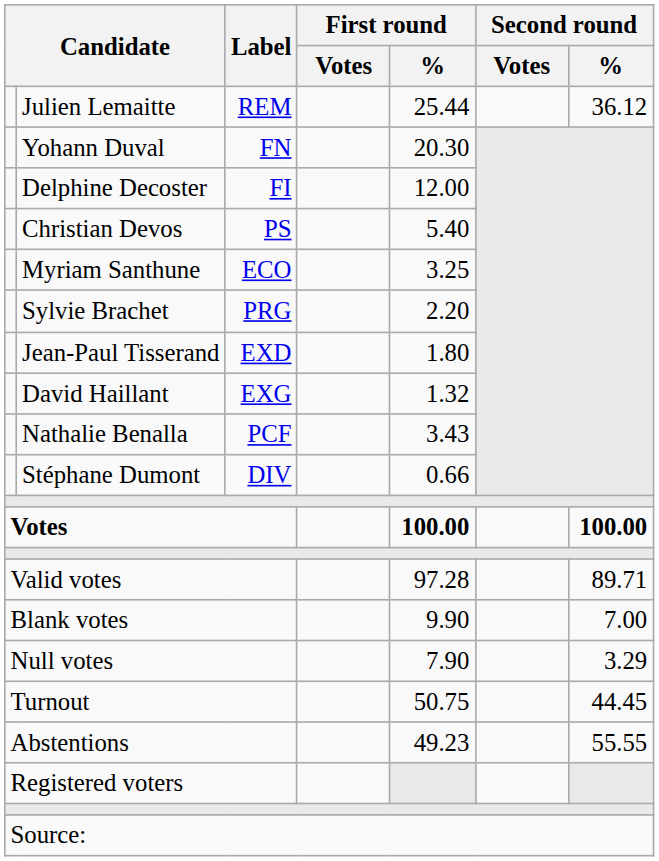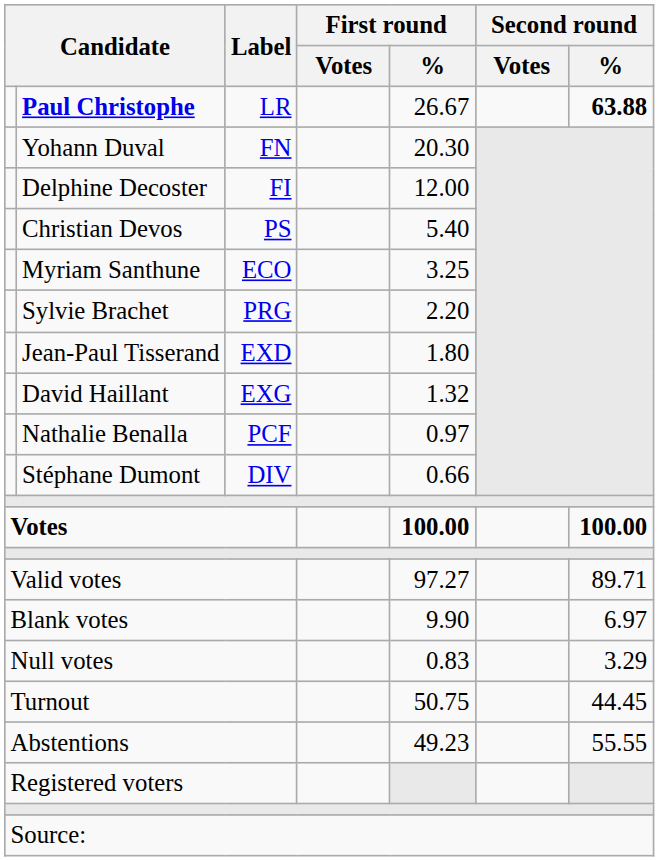 <table class="wikitable" style="text-align:right;font-size:95%;">
 <tr>
 <th rowspan="2" colspan="2">Candidate</th>
 <th rowspan="2">Label</th>
 <th colspan="2">First round</th>
 <th colspan="2">Second round</th>
 </tr>
 <tr>
 <th style="width:50px;">Votes</th>
 <th style="width:45px;">%</th>
 <th style="width:50px;">Votes</th>
 <th style="width:45px;">%</th>
 </tr>
 <tr>
 <td style="color:inherit;background:"></td>
-<td style="text-align:left;">Julien Lemaitte</td>
-<td><a href='#'>REM</a></td>
+<td style="text-align:left;"><strong><a href='#'>Paul Christophe</a></strong></td>
+<td><a href='#'>LR</a></td>
 <td></td>
-<td>25.44</td>
-<td></td>
-<td>36.12</td>
+<td>26.67</td>
+<td><strong></strong></td>
+<td><strong>63.88</strong></td>
 </tr>
 <tr>
 <td style="color:inherit;background:"></td>
 <td style="text-align:left;">Yohann Duval</td>
 <td><a href='#'>FN</a></td>
 <td></td>
 <td>20.30</td>
 <td colspan="2" rowspan="9" style="background:#E9E9E9;"></td>
 </tr>
 <tr>
 <td style="color:inherit;background:"></td>
 <td style="text-align:left;">Delphine Decoster</td>
 <td><a href='#'>FI</a></td>
 <td></td>
 <td>12.00</td>
 </tr>
 <tr>
 <td style="color:inherit;background:"></td>
 <td style="text-align:left;">Christian Devos</td>
 <td><a href='#'>PS</a></td>
 <td></td>
 <td>5.40</td>
 </tr>
 <tr>
 <td style="color:inherit;background:"></td>
 <td style="text-align:left;">Myriam Santhune</td>
 <td><a href='#'>ECO</a></td>
 <td></td>
 <td>3.25</td>
 </tr>
 <tr>
 <td style="color:inherit;background:"></td>
 <td style="text-align:left;">Sylvie Brachet</td>
 <td><a href='#'>PRG</a></td>
 <td></td>
 <td>2.20</td>
 </tr>
 <tr>
 <td style="color:inherit;background:"></td>
 <td style="text-align:left;">Jean-Paul Tisserand</td>
 <td><a href='#'>EXD</a></td>
 <td></td>
 <td>1.80</td>
 </tr>
 <tr>
 <td style="color:inherit;background:"></td>
 <td style="text-align:left;">David Haillant</td>
 <td><a href='#'>EXG</a></td>
 <td></td>
 <td>1.32</td>
 </tr>
 <tr>
 <td style="color:inherit;background:"></td>
 <td style="text-align:left;">Nathalie Benalla</td>
 <td><a href='#'>PCF</a></td>
 <td></td>
-<td>3.43</td>
+<td>0.97</td>
 </tr>
 <tr>
 <td style="color:inherit;background:"></td>
 <td style="text-align:left;">Stéphane Dumont</td>
 <td><a href='#'>DIV</a></td>
 <td></td>
 <td>0.66</td>
 </tr>
 <tr>
 <td colspan="7" style="background:#E9E9E9;"></td>
 </tr>
 <tr style="font-weight:bold;">
 <td colspan="3" style="text-align:left;">Votes</td>
 <td></td>
 <td>100.00</td>
 <td></td>
 <td>100.00</td>
 </tr>
 <tr>
 <td colspan="7" style="background:#E9E9E9;"></td>
 </tr>
 <tr>
 <td colspan="3" style="text-align:left;">Valid votes</td>
 <td></td>
-<td>97.28</td>
+<td>97.27</td>
 <td></td>
 <td>89.71</td>
 </tr>
 <tr>
 <td colspan="3" style="text-align:left;">Blank votes</td>
 <td></td>
 <td>9.90</td>
 <td></td>
-<td>7.00</td>
+<td>6.97</td>
 </tr>
 <tr>
 <td colspan="3" style="text-align:left;">Null votes</td>
 <td></td>
-<td>7.90</td>
+<td>0.83</td>
 <td></td>
 <td>3.29</td>
 </tr>
 <tr>
 <td colspan="3" style="text-align:left;">Turnout</td>
 <td></td>
 <td>50.75</td>
 <td></td>
 <td>44.45</td>
 </tr>
 <tr>
 <td colspan="3" style="text-align:left;">Abstentions</td>
 <td></td>
 <td>49.23</td>
 <td></td>
 <td>55.55</td>
 </tr>
 <tr>
 <td colspan="3" style="text-align:left;">Registered voters</td>
 <td></td>
 <td style="background:#E9E9E9;"></td>
 <td></td>
 <td style="background:#E9E9E9;"></td>
 </tr>
 <tr>
 <td colspan="7" style="background:#E9E9E9;"></td>
 </tr>
 <tr>
 <td colspan="7" style="text-align:left;">Source: </td>
 </tr>
 </table>
